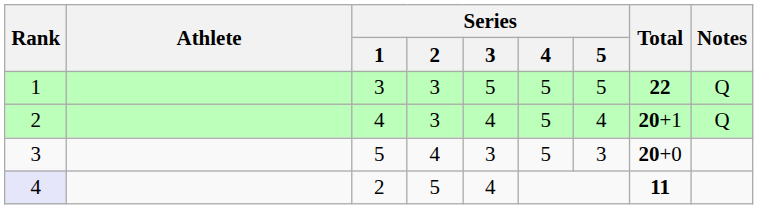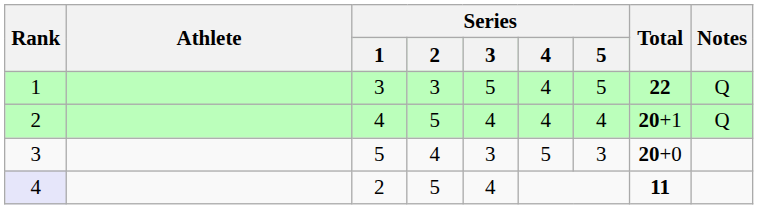 <table class="wikitable" style="text-align:center">
 <tr>
 <th rowspan=2 width=40>Rank</th>
 <th rowspan=2 width=210>Athlete</th>
 <th colspan=5>Series</th>
 <th rowspan=2 width=40>Total</th>
 <th rowspan=2 width=40>Notes</th>
 </tr>
 <tr bgcolor=bbffbb>
 <th width=35>1</th>
 <th width=35>2</th>
 <th width=35>3</th>
 <th width=35>4</th>
 <th width=35>5</th>
 </tr>
 <tr bgcolor=bbffbb>
 <td>1</td>
 <td align=left></td>
 <td>3</td>
 <td>3</td>
 <td>5</td>
-<td>5</td>
+<td>4</td>
 <td>5</td>
 <td><strong>22</strong></td>
 <td>Q</td>
 </tr>
 <tr bgcolor=bbffbb>
 <td>2</td>
 <td align=left></td>
 <td>4</td>
-<td>3</td>
+<td>5</td>
 <td>4</td>
-<td>5</td>
+<td>4</td>
 <td>4</td>
 <td><strong>20</strong>+1</td>
 <td>Q</td>
 </tr>
 <tr>
 <td>3</td>
 <td align=left></td>
 <td>5</td>
 <td>4</td>
 <td>3</td>
 <td>5</td>
 <td>3</td>
 <td><strong>20</strong>+0</td>
 <td></td>
 </tr>
 <tr>
 <td style="background: lavender;">4</td>
 <td align=left></td>
 <td>2</td>
 <td>5</td>
 <td>4</td>
 <td colspan=2></td>
 <td><strong>11</strong></td>
 <td></td>
 </tr>
 </table>
